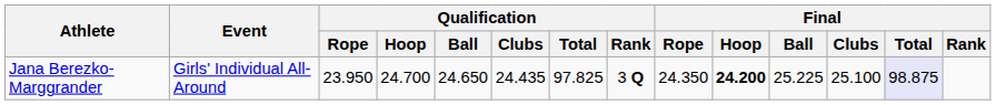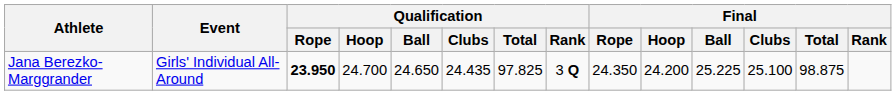 <table class="wikitable" border="1" style="font-size:90%">
 <tr>
 <th rowspan=2>Athlete</th>
 <th rowspan=2>Event</th>
 <th colspan=6>Qualification</th>
 <th colspan=6>Final</th>
 </tr>
 <tr>
 <th>Rope</th>
 <th>Hoop</th>
 <th>Ball</th>
 <th>Clubs</th>
 <th>Total</th>
 <th>Rank</th>
 <th>Rope</th>
 <th>Hoop</th>
 <th>Ball</th>
 <th>Clubs</th>
 <th>Total</th>
 <th>Rank</th>
 </tr>
 <tr>
 <td><a href='#'>Jana Berezko-Marggrander</a></td>
 <td><a href='#'>Girls' Individual All-Around</a></td>
-<td align=center>23.950</td>
+<td align=center><strong>23.950</strong></td>
 <td align=center>24.700</td>
 <td align=center>24.650</td>
 <td align=center>24.435</td>
 <td align=center>97.825</td>
 <td align=center>3 <strong>Q</strong></td>
 <td align=center>24.350</td>
-<td align=center><strong>24.200</strong></td>
+<td align=center>24.200</td>
 <td align=center>25.225</td>
 <td align=center>25.100</td>
-<td align=center style="background: lavender;">98.875</td>
+<td align=center>98.875</td>
 <td align=center></td>
 </tr>
 </table>
